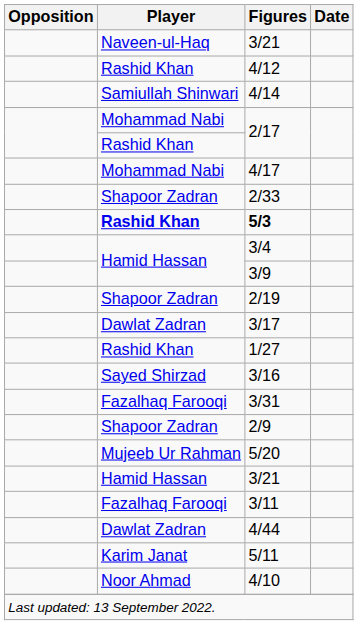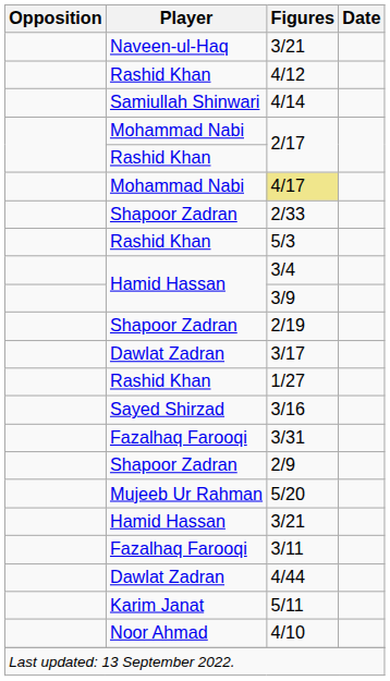 <table class="wikitable sortable">
 <tr>
 <th>Opposition</th>
 <th>Player</th>
 <th>Figures</th>
 <th>Date</th>
 </tr>
 <tr>
 <td></td>
 <td><a href='#'>Naveen-ul-Haq</a></td>
 <td>3/21</td>
 <td></td>
 </tr>
 <tr>
 <td></td>
 <td><a href='#'>Rashid Khan</a></td>
 <td>4/12</td>
 <td></td>
 </tr>
 <tr>
 <td></td>
 <td><a href='#'>Samiullah Shinwari</a></td>
 <td>4/14</td>
 <td></td>
 </tr>
 <tr>
 <td rowspan=2></td>
 <td><a href='#'>Mohammad Nabi</a></td>
 <td rowspan=2>2/17</td>
 <td rowspan=2> </td>
 </tr>
 <tr>
 <td><a href='#'>Rashid Khan</a></td>
 </tr>
 <tr>
 <td></td>
 <td><a href='#'>Mohammad Nabi</a></td>
-<td>4/17</td>
+<td style="background: khaki;">4/17</td>
 <td></td>
 </tr>
 <tr>
 <td></td>
 <td><a href='#'>Shapoor Zadran</a></td>
 <td>2/33</td>
 <td> </td>
 </tr>
 <tr>
 <td></td>
-<td><strong><a href='#'>Rashid Khan</a></strong></td>
-<td><strong>5/3</strong></td>
+<td><a href='#'>Rashid Khan</a></td>
+<td>5/3</td>
 <td></td>
 </tr>
 <tr>
 <td></td>
 <td rowspan=2><a href='#'>Hamid Hassan</a></td>
 <td>3/4</td>
 <td></td>
 </tr>
 <tr>
 <td></td>
 <td>3/9</td>
 <td> </td>
 </tr>
 <tr>
 <td></td>
 <td><a href='#'>Shapoor Zadran</a></td>
 <td>2/19</td>
 <td> </td>
 </tr>
 <tr>
 <td></td>
 <td><a href='#'>Dawlat Zadran</a></td>
 <td>3/17</td>
 <td></td>
 </tr>
 <tr>
 <td></td>
 <td><a href='#'>Rashid Khan</a></td>
 <td>1/27</td>
 <td> </td>
 </tr>
 <tr>
 <td></td>
 <td><a href='#'>Sayed Shirzad</a></td>
 <td>3/16</td>
 <td></td>
 </tr>
 <tr>
 <td></td>
 <td><a href='#'>Fazalhaq Farooqi</a></td>
 <td>3/31</td>
 <td> </td>
 </tr>
 <tr>
 <td></td>
 <td><a href='#'>Shapoor Zadran</a></td>
 <td>2/9</td>
 <td></td>
 </tr>
 <tr>
 <td></td>
 <td><a href='#'>Mujeeb Ur Rahman</a></td>
 <td>5/20</td>
 <td> </td>
 </tr>
 <tr>
 <td></td>
 <td><a href='#'>Hamid Hassan</a></td>
 <td>3/21</td>
 <td> </td>
 </tr>
 <tr>
 <td></td>
 <td><a href='#'>Fazalhaq Farooqi</a></td>
 <td>3/11</td>
 <td> </td>
 </tr>
 <tr>
 <td></td>
 <td><a href='#'>Dawlat Zadran</a></td>
 <td>4/44</td>
 <td></td>
 </tr>
 <tr>
 <td></td>
 <td><a href='#'>Karim Janat</a></td>
 <td>5/11</td>
 <td></td>
 </tr>
 <tr>
 <td></td>
 <td><a href='#'>Noor Ahmad</a></td>
 <td>4/10</td>
 <td></td>
 </tr>
 <tr>
 </tr>
 <tr class=sortbottom>
 <td colspan=5><small><em>Last updated: 13 September 2022.</em></small></td>
 </tr>
 </table>
